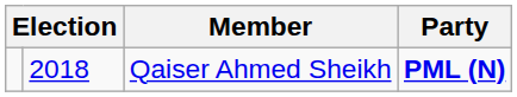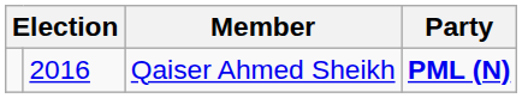 <table class="wikitable">
 <tr>
 <th colspan="2">Election</th>
 <th>Member</th>
 <th>Party</th>
 </tr>
 <tr>
 <td style="background-color: "></td>
-<td><a href='#'>2018</a></td>
+<td><a href='#'>2016</a></td>
 <td><a href='#'>Qaiser Ahmed Sheikh</a></td>
 <td><strong><a href='#'>PML (N)</a></strong></td>
 </tr>
 </table>
